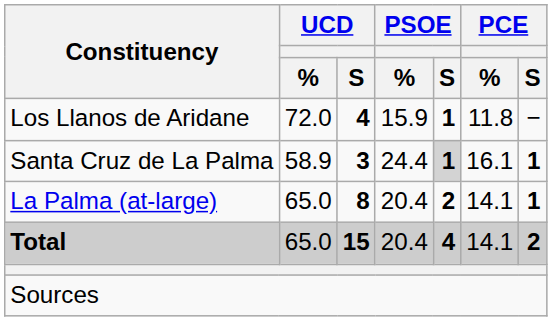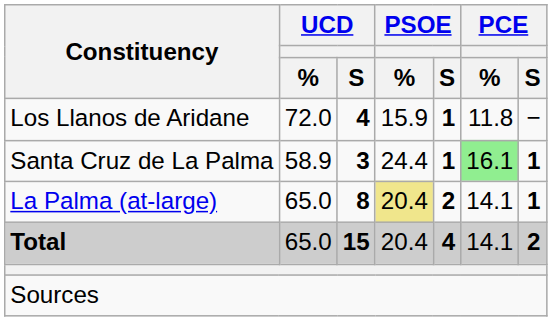 <table class="wikitable sortable" style="text-align:right; line-height:20px;">
 <tr>
 <th rowspan="3">Constituency</th>
 <th colspan="2" width="30px" class="unsortable"><a href='#'>UCD</a></th>
 <th colspan="2" width="30px" class="unsortable"><a href='#'>PSOE</a></th>
 <th colspan="2" width="30px" class="unsortable"><a href='#'>PCE</a></th>
 </tr>
 <tr>
 <th colspan="2" style="background:"></th>
 <th colspan="2" style="background:"></th>
 <th colspan="2" style="background:"></th>
 </tr>
 <tr>
 <th data-sort-type="number">%</th>
 <th data-sort-type="number">S</th>
 <th data-sort-type="number">%</th>
 <th data-sort-type="number">S</th>
 <th data-sort-type="number">%</th>
 <th data-sort-type="number">S</th>
 </tr>
 <tr>
 <td align="left">Los Llanos de Aridane</td>
 <td style="background:">72.0</td>
 <td><strong>4</strong></td>
 <td>15.9</td>
 <td><strong>1</strong></td>
 <td>11.8</td>
 <td>−</td>
 </tr>
 <tr>
 <td align="left">Santa Cruz de La Palma</td>
 <td style="background:">58.9</td>
 <td><strong>3</strong></td>
 <td>24.4</td>
-<td style="background: lightgrey;"><strong>1</strong></td>
-<td>16.1</td>
+<td><strong>1</strong></td>
+<td style="background: lightgreen;">16.1</td>
 <td><strong>1</strong></td>
 </tr>
 <tr>
 <td align="left"><a href='#'>La Palma (at-large)</a></td>
 <td style="background:">65.0</td>
 <td><strong>8</strong></td>
-<td>20.4</td>
+<td style="background: khaki;">20.4</td>
 <td><strong>2</strong></td>
 <td>14.1</td>
 <td><strong>1</strong></td>
 </tr>
 <tr style="background:#CDCDCD;">
 <td align="left"><strong>Total</strong></td>
 <td style="background:">65.0</td>
 <td><strong>15</strong></td>
 <td>20.4</td>
 <td><strong>4</strong></td>
 <td>14.1</td>
 <td><strong>2</strong></td>
 </tr>
 <tr>
 <th colspan="7"></th>
 </tr>
 <tr>
 <th style="text-align:left; font-weight:normal; background:#F9F9F9" colspan="7">Sources</th>
 </tr>
 </table>
